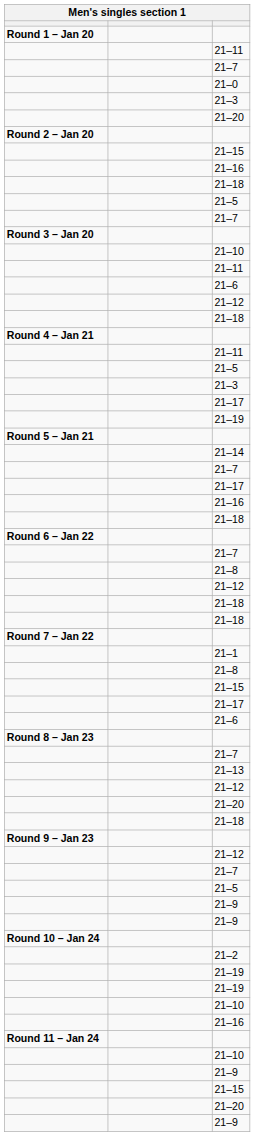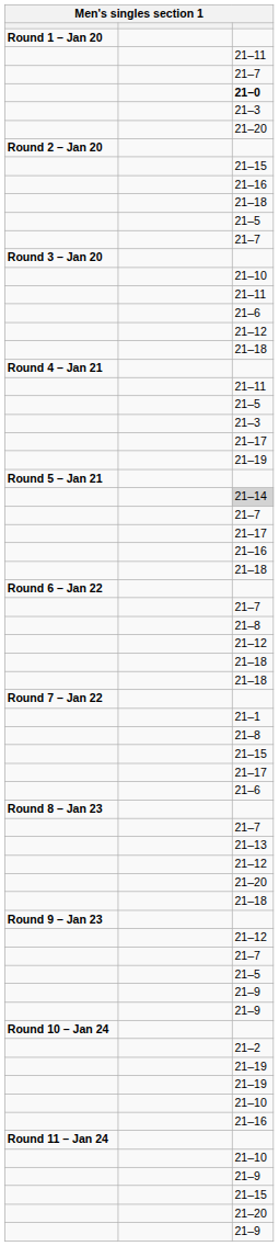 <table class="wikitable">
 <tr>
 <th colspan="3">Men's singles section 1</th>
 </tr>
 <tr>
 <th width=150></th>
 <th width=150></th>
 <th width=50></th>
 </tr>
 <tr>
 <td><strong>Round 1 – Jan 20</strong></td>
 <td></td>
 <td></td>
 </tr>
 <tr>
 <td></td>
 <td></td>
 <td>21–11</td>
 </tr>
 <tr>
 <td></td>
 <td></td>
 <td>21–7</td>
 </tr>
 <tr>
 <td></td>
 <td></td>
-<td>21–0</td>
+<td><strong>21–0</strong></td>
 </tr>
 <tr>
 <td></td>
 <td></td>
 <td>21–3</td>
 </tr>
 <tr>
 <td></td>
 <td></td>
 <td>21–20</td>
 </tr>
 <tr>
 <td><strong>Round 2 – Jan 20</strong></td>
 <td></td>
 <td></td>
 </tr>
 <tr>
 <td></td>
 <td></td>
 <td>21–15</td>
 </tr>
 <tr>
 <td></td>
 <td></td>
 <td>21–16</td>
 </tr>
 <tr>
 <td></td>
 <td></td>
 <td>21–18</td>
 </tr>
 <tr>
 <td></td>
 <td></td>
 <td>21–5</td>
 </tr>
 <tr>
 <td></td>
 <td></td>
 <td>21–7</td>
 </tr>
 <tr>
 <td><strong>Round 3 – Jan 20</strong></td>
 <td></td>
 <td></td>
 </tr>
 <tr>
 <td></td>
 <td></td>
 <td>21–10</td>
 </tr>
 <tr>
 <td></td>
 <td></td>
 <td>21–11</td>
 </tr>
 <tr>
 <td></td>
 <td></td>
 <td>21–6</td>
 </tr>
 <tr>
 <td></td>
 <td></td>
 <td>21–12</td>
 </tr>
 <tr>
 <td></td>
 <td></td>
 <td>21–18</td>
 </tr>
 <tr>
 <td><strong>Round 4 – Jan 21</strong></td>
 <td></td>
 <td></td>
 </tr>
 <tr>
 <td></td>
 <td></td>
 <td>21–11</td>
 </tr>
 <tr>
 <td></td>
 <td></td>
 <td>21–5</td>
 </tr>
 <tr>
 <td></td>
 <td></td>
 <td>21–3</td>
 </tr>
 <tr>
 <td></td>
 <td></td>
 <td>21–17</td>
 </tr>
 <tr>
 <td></td>
 <td></td>
 <td>21–19</td>
 </tr>
 <tr>
 <td><strong>Round 5 – Jan 21</strong></td>
 <td></td>
 <td></td>
 </tr>
 <tr>
 <td></td>
 <td></td>
-<td>21–14</td>
+<td style="background: lightgrey;">21–14</td>
 </tr>
 <tr>
 <td></td>
 <td></td>
 <td>21–7</td>
 </tr>
 <tr>
 <td></td>
 <td></td>
 <td>21–17</td>
 </tr>
 <tr>
 <td></td>
 <td></td>
 <td>21–16</td>
 </tr>
 <tr>
 <td></td>
 <td></td>
 <td>21–18</td>
 </tr>
 <tr>
 <td><strong>Round 6  – Jan 22</strong></td>
 <td></td>
 <td></td>
 </tr>
 <tr>
 <td></td>
 <td></td>
 <td>21–7</td>
 </tr>
 <tr>
 <td></td>
 <td></td>
 <td>21–8</td>
 </tr>
 <tr>
 <td></td>
 <td></td>
 <td>21–12</td>
 </tr>
 <tr>
 <td></td>
 <td></td>
 <td>21–18</td>
 </tr>
 <tr>
 <td></td>
 <td></td>
 <td>21–18</td>
 </tr>
 <tr>
 <td><strong>Round 7 – Jan 22</strong></td>
 <td></td>
 <td></td>
 </tr>
 <tr>
 <td></td>
 <td></td>
 <td>21–1</td>
 </tr>
 <tr>
 <td></td>
 <td></td>
 <td>21–8</td>
 </tr>
 <tr>
 <td></td>
 <td></td>
 <td>21–15</td>
 </tr>
 <tr>
 <td></td>
 <td></td>
 <td>21–17</td>
 </tr>
 <tr>
 <td></td>
 <td></td>
 <td>21–6</td>
 </tr>
 <tr>
 <td><strong>Round 8 – Jan 23</strong></td>
 <td></td>
 <td></td>
 </tr>
 <tr>
 <td></td>
 <td></td>
 <td>21–7</td>
 </tr>
 <tr>
 <td></td>
 <td></td>
 <td>21–13</td>
 </tr>
 <tr>
 <td></td>
 <td></td>
 <td>21–12</td>
 </tr>
 <tr>
 <td></td>
 <td></td>
 <td>21–20</td>
 </tr>
 <tr>
 <td></td>
 <td></td>
 <td>21–18</td>
 </tr>
 <tr>
 <td><strong>Round 9 – Jan 23</strong></td>
 <td></td>
 <td></td>
 </tr>
 <tr>
 <td></td>
 <td></td>
 <td>21–12</td>
 </tr>
 <tr>
 <td></td>
 <td></td>
 <td>21–7</td>
 </tr>
 <tr>
 <td></td>
 <td></td>
 <td>21–5</td>
 </tr>
 <tr>
 <td></td>
 <td></td>
 <td>21–9</td>
 </tr>
 <tr>
 <td></td>
 <td></td>
 <td>21–9</td>
 </tr>
 <tr>
 <td><strong>Round 10 – Jan 24</strong></td>
 <td></td>
 <td></td>
 </tr>
 <tr>
 <td></td>
 <td></td>
 <td>21–2</td>
 </tr>
 <tr>
 <td></td>
 <td></td>
 <td>21–19</td>
 </tr>
 <tr>
 <td></td>
 <td></td>
 <td>21–19</td>
 </tr>
 <tr>
 <td></td>
 <td></td>
 <td>21–10</td>
 </tr>
 <tr>
 <td></td>
 <td></td>
 <td>21–16</td>
 </tr>
 <tr>
 <td><strong>Round 11 – Jan 24</strong></td>
 <td></td>
 <td></td>
 </tr>
 <tr>
 <td></td>
 <td></td>
 <td>21–10</td>
 </tr>
 <tr>
 <td></td>
 <td></td>
 <td>21–9</td>
 </tr>
 <tr>
 <td></td>
 <td></td>
 <td>21–15</td>
 </tr>
 <tr>
 <td></td>
 <td></td>
 <td>21–20</td>
 </tr>
 <tr>
 <td></td>
 <td></td>
 <td>21–9</td>
 </tr>
 </table>
